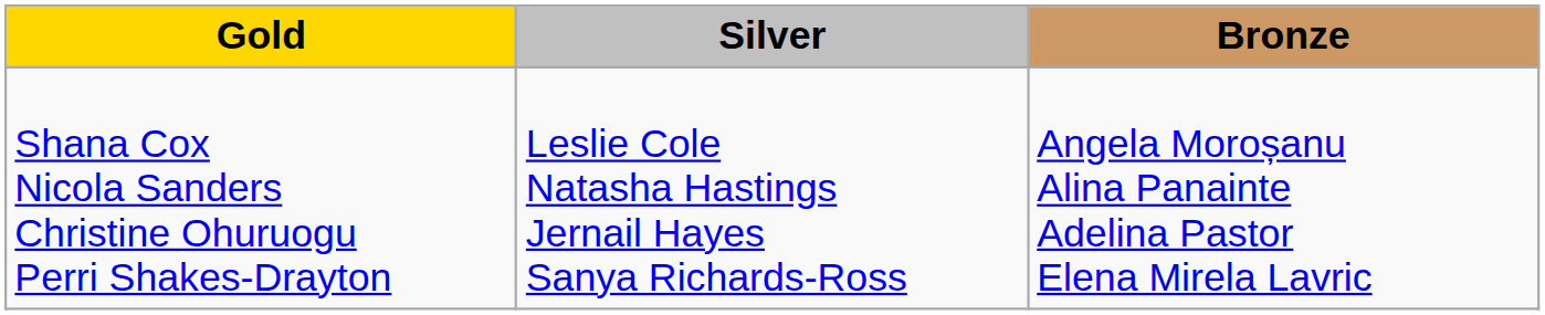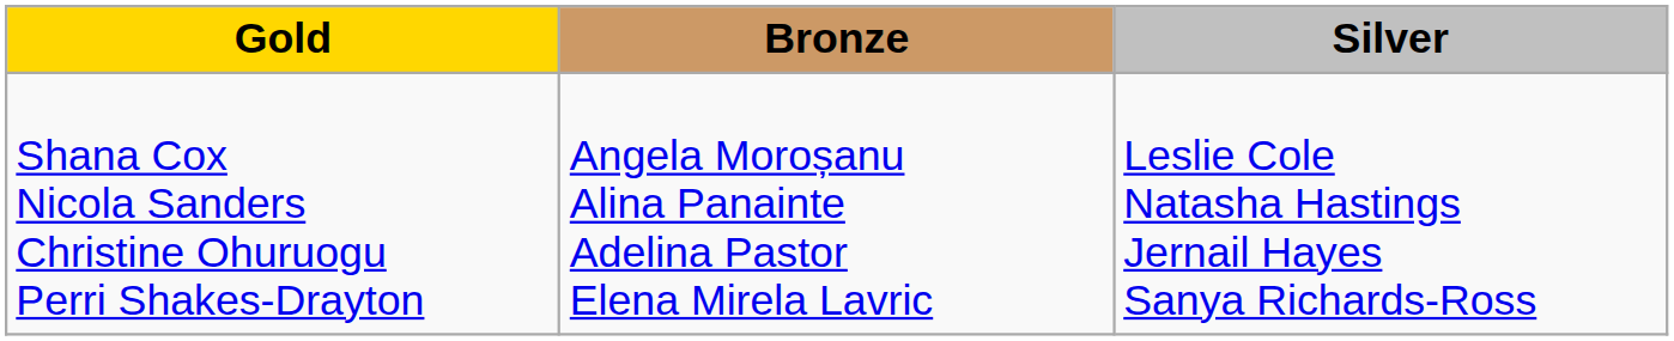 <table class="wikitable" style="text-align:left">
 <tr align="center">
 <td width=200 bgcolor=gold><strong>Gold</strong></td>
+<td width=200 bgcolor=CC9966><strong>Bronze</strong></td>
 <td width=200 bgcolor=silver><strong>Silver</strong></td>
-<td width=200 bgcolor=CC9966><strong>Bronze</strong></td>
 </tr>
 <tr>
 <td><em></em><br><a href='#'>Shana Cox</a><br><a href='#'>Nicola Sanders</a><br><a href='#'>Christine Ohuruogu</a><br><a href='#'>Perri Shakes-Drayton</a></td>
+<td><em></em><br><a href='#'>Angela Moroșanu</a><br> <a href='#'>Alina Panainte</a><br><a href='#'>Adelina Pastor</a><br> <a href='#'>Elena Mirela Lavric</a></td>
 <td><em></em><br><a href='#'>Leslie Cole</a><br><a href='#'>Natasha Hastings</a><br><a href='#'>Jernail Hayes</a><br><a href='#'>Sanya Richards-Ross</a></td>
-<td><em></em><br><a href='#'>Angela Moroșanu</a><br> <a href='#'>Alina Panainte</a><br><a href='#'>Adelina Pastor</a><br> <a href='#'>Elena Mirela Lavric</a></td>
 </tr>
 </table>
